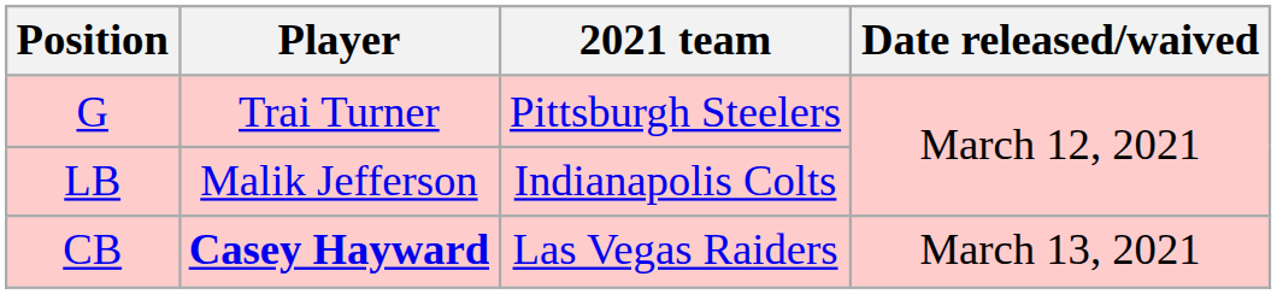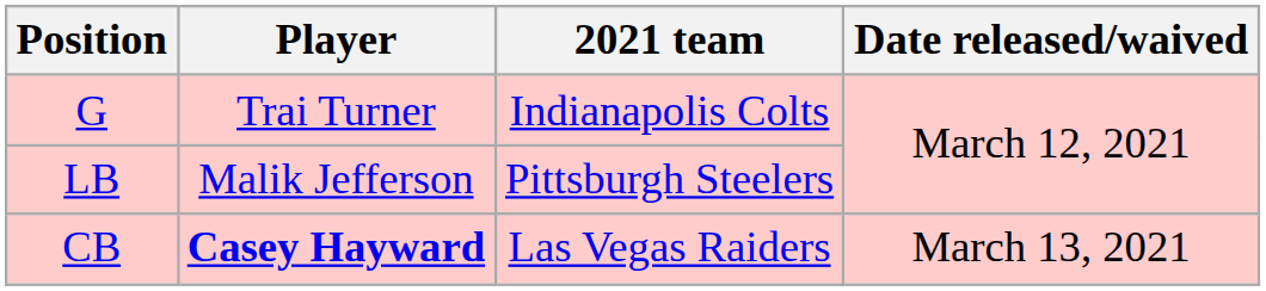 <table class="wikitable" style="text-align:center">
 <tr>
 <th>Position</th>
 <th>Player</th>
 <th>2021 team</th>
 <th>Date released/waived</th>
 </tr>
 <tr style="background:#fcc">
 <td><a href='#'>G</a></td>
 <td><a href='#'>Trai Turner</a></td>
-<td><a href='#'>Pittsburgh Steelers</a></td>
+<td><a href='#'>Indianapolis Colts</a></td>
 <td rowspan=2>March 12, 2021</td>
 </tr>
 <tr style="background:#fcc">
 <td><a href='#'>LB</a></td>
 <td><a href='#'>Malik Jefferson</a></td>
-<td><a href='#'>Indianapolis Colts</a></td>
+<td><a href='#'>Pittsburgh Steelers</a></td>
 </tr>
 <tr style="background:#fcc">
 <td><a href='#'>CB</a></td>
 <td><strong><a href='#'>Casey Hayward</a></strong></td>
 <td><a href='#'>Las Vegas Raiders</a></td>
 <td>March 13, 2021</td>
 </tr>
 </table>
